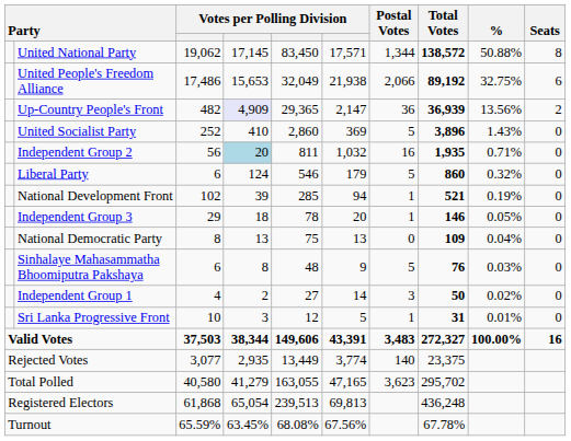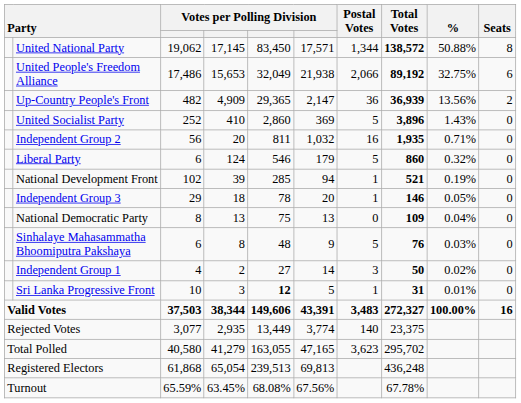 <table class="wikitable" border="1" style="text-align:right;">
 <tr>
 <th style="text-align:left; vertical-align:bottom;" rowspan="2" colspan="2">Party</th>
 <th colspan=4>Votes per Polling Division</th>
 <th rowspan="2" style="vertical-align:bottom; text-align:center; width:50px;">Postal<br>Votes</th>
 <th rowspan="2" style="vertical-align:bottom; text-align:center; width:50px;">Total Votes</th>
 <th rowspan="2" style="vertical-align:bottom; text-align:center; width:50px;">%</th>
 <th rowspan="2" style="vertical-align:bottom; text-align:center; width:40px;">Seats</th>
 </tr>
 <tr>
 <th></th>
 <th></th>
 <th></th>
 <th></th>
 </tr>
 <tr>
 <td bgcolor=> </td>
 <td align=left><a href='#'>United National Party</a></td>
 <td>19,062</td>
 <td>17,145</td>
 <td>83,450</td>
 <td>17,571</td>
 <td>1,344</td>
 <td><strong>138,572</strong></td>
 <td>50.88%</td>
 <td>8</td>
 </tr>
 <tr>
 <td bgcolor=> </td>
 <td align=left><a href='#'>United People's Freedom<br>Alliance</a></td>
 <td>17,486</td>
 <td>15,653</td>
 <td>32,049</td>
 <td>21,938</td>
 <td>2,066</td>
 <td><strong>89,192</strong></td>
 <td>32.75%</td>
 <td>6</td>
 </tr>
 <tr>
 <td bgcolor=> </td>
 <td align=left><a href='#'>Up-Country People's Front</a></td>
 <td>482</td>
-<td style="background: lavender;">4,909</td>
+<td>4,909</td>
 <td>29,365</td>
 <td>2,147</td>
 <td>36</td>
 <td><strong>36,939</strong></td>
 <td>13.56%</td>
 <td>2</td>
 </tr>
 <tr>
 <td bgcolor=> </td>
 <td align=left><a href='#'>United Socialist Party</a></td>
 <td>252</td>
 <td>410</td>
 <td>2,860</td>
 <td>369</td>
 <td>5</td>
 <td><strong>3,896</strong></td>
 <td>1.43%</td>
 <td>0</td>
 </tr>
 <tr>
 <td bgcolor=> </td>
 <td align=left><a href='#'>Independent Group 2</a></td>
 <td>56</td>
-<td style="background: lightblue;">20</td>
+<td>20</td>
 <td>811</td>
 <td>1,032</td>
 <td>16</td>
 <td><strong>1,935</strong></td>
 <td>0.71%</td>
 <td>0</td>
 </tr>
 <tr>
 <td bgcolor=> </td>
 <td align=left><a href='#'>Liberal Party</a></td>
 <td>6</td>
 <td>124</td>
 <td>546</td>
 <td>179</td>
 <td>5</td>
 <td><strong>860</strong></td>
 <td>0.32%</td>
 <td>0</td>
 </tr>
 <tr>
 <td bgcolor=> </td>
 <td align=left>National Development Front</td>
 <td>102</td>
 <td>39</td>
 <td>285</td>
 <td>94</td>
 <td>1</td>
 <td><strong>521</strong></td>
 <td>0.19%</td>
 <td>0</td>
 </tr>
 <tr>
 <td bgcolor=> </td>
 <td align=left><a href='#'>Independent Group 3</a></td>
 <td>29</td>
 <td>18</td>
 <td>78</td>
 <td>20</td>
 <td>1</td>
 <td><strong>146</strong></td>
 <td>0.05%</td>
 <td>0</td>
 </tr>
 <tr>
 <td bgcolor=> </td>
 <td align=left>National Democratic Party</td>
 <td>8</td>
 <td>13</td>
 <td>75</td>
 <td>13</td>
 <td>0</td>
 <td><strong>109</strong></td>
 <td>0.04%</td>
 <td>0</td>
 </tr>
 <tr>
 <td bgcolor=> </td>
 <td align=left><a href='#'>Sinhalaye Mahasammatha<br>Bhoomiputra Pakshaya</a></td>
 <td>6</td>
 <td>8</td>
 <td>48</td>
 <td>9</td>
 <td>5</td>
 <td><strong>76</strong></td>
 <td>0.03%</td>
 <td>0</td>
 </tr>
 <tr>
 <td bgcolor=> </td>
 <td align=left><a href='#'>Independent Group 1</a></td>
 <td>4</td>
 <td>2</td>
 <td>27</td>
 <td>14</td>
 <td>3</td>
 <td><strong>50</strong></td>
 <td>0.02%</td>
 <td>0</td>
 </tr>
 <tr>
 <td bgcolor=> </td>
 <td align=left><a href='#'>Sri Lanka Progressive Front</a></td>
 <td>10</td>
 <td>3</td>
-<td>12</td>
+<td><strong>12</strong></td>
 <td>5</td>
 <td>1</td>
 <td><strong>31</strong></td>
 <td>0.01%</td>
 <td>0</td>
 </tr>
 <tr>
 <td align=left colspan=2><strong>Valid Votes</strong></td>
 <td><strong>37,503</strong></td>
 <td><strong>38,344</strong></td>
 <td><strong>149,606</strong></td>
 <td><strong>43,391</strong></td>
 <td><strong>3,483</strong></td>
 <td><strong>272,327</strong></td>
 <td><strong>100.00%</strong></td>
 <td><strong>16</strong></td>
 </tr>
 <tr>
 <td align=left colspan=2>Rejected Votes</td>
 <td>3,077</td>
 <td>2,935</td>
 <td>13,449</td>
 <td>3,774</td>
 <td>140</td>
 <td>23,375</td>
 <td></td>
 <td></td>
 </tr>
 <tr>
 <td align=left colspan=2>Total Polled</td>
 <td>40,580</td>
 <td>41,279</td>
 <td>163,055</td>
 <td>47,165</td>
 <td>3,623</td>
 <td>295,702</td>
 <td></td>
 <td></td>
 </tr>
 <tr>
 <td align=left colspan=2>Registered Electors</td>
 <td>61,868</td>
 <td>65,054</td>
 <td>239,513</td>
 <td>69,813</td>
 <td></td>
 <td>436,248</td>
 <td></td>
 <td></td>
 </tr>
 <tr>
 <td align=left colspan=2>Turnout</td>
 <td>65.59%</td>
 <td>63.45%</td>
 <td>68.08%</td>
 <td>67.56%</td>
 <td></td>
 <td>67.78%</td>
 <td></td>
 <td></td>
 </tr>
 </table>
